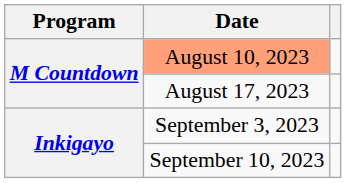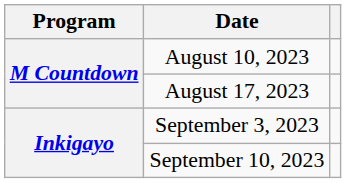 <table class="wikitable plainrowheaders sortable" style="text-align:center;">
 <tr>
 <th scope="col">Program</th>
 <th width="130" scope="col">Date</th>
 <th scope="col" class="unsortable"></th>
 </tr>
 <tr>
 <th scope="row" rowspan="2"><em><a href='#'>M Countdown</a></em></th>
-<td style="background: lightsalmon;">August 10, 2023</td>
+<td>August 10, 2023</td>
 <td style="text-align:center"></td>
 </tr>
 <tr>
 <td>August 17, 2023</td>
 <td style="text-align:center"></td>
 </tr>
 <tr>
 <th scope="row" rowspan="2"><em><a href='#'>Inkigayo</a></em></th>
 <td>September 3, 2023</td>
 <td style="text-align:center"></td>
 </tr>
 <tr>
 <td>September 10, 2023</td>
 <td></td>
 </tr>
 </table>
